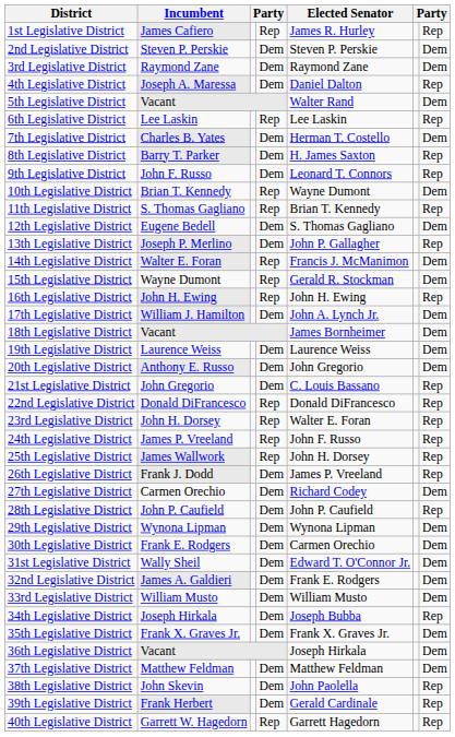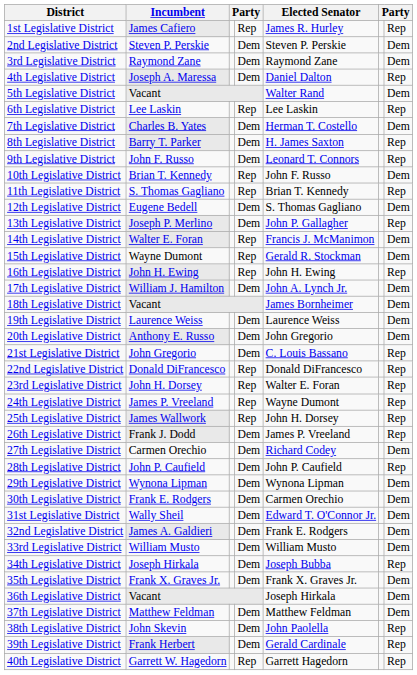 <table class="sortable wikitable" style="font-size:95%;line-height:14px;">
 <tr>
 <th>District</th>
 <th class="unsortable"><a href='#'>Incumbent</a></th>
 <th colspan="2">Party</th>
 <th class="unsortable">Elected Senator</th>
 <th colspan="2">Party</th>
 </tr>
 <tr>
 <td><a href='#'>1st Legislative District</a></td>
 <td style="background:#E9E9E9;"><a href='#'>James Cafiero</a></td>
 <td style="background:"></td>
 <td>Rep</td>
 <td><a href='#'>James R. Hurley</a></td>
 <td style="background:"></td>
 <td>Rep</td>
 </tr>
 <tr>
 <td><a href='#'>2nd Legislative District</a></td>
 <td><a href='#'>Steven P. Perskie</a></td>
 <td style="background:"></td>
 <td>Dem</td>
 <td>Steven P. Perskie</td>
 <td style="background:"></td>
 <td>Dem</td>
 </tr>
 <tr>
 <td><a href='#'>3rd Legislative District</a></td>
 <td><a href='#'>Raymond Zane</a></td>
 <td style="background:"></td>
 <td>Dem</td>
 <td>Raymond Zane</td>
 <td style="background:"></td>
 <td>Dem</td>
 </tr>
 <tr>
 <td><a href='#'>4th Legislative District</a></td>
 <td style="background:#E9E9E9;"><a href='#'>Joseph A. Maressa</a></td>
 <td style="background:"></td>
 <td>Dem</td>
 <td><a href='#'>Daniel Dalton</a></td>
 <td style="background:"></td>
 <td>Rep</td>
 </tr>
 <tr>
 <td><a href='#'>5th Legislative District</a></td>
 <td colspan="3" style="background:#E9E9E9;">Vacant</td>
 <td><a href='#'>Walter Rand</a></td>
 <td style="background:"></td>
 <td>Dem</td>
 </tr>
 <tr>
 <td><a href='#'>6th Legislative District</a></td>
 <td><a href='#'>Lee Laskin</a></td>
 <td style="background:"></td>
 <td>Rep</td>
 <td>Lee Laskin</td>
 <td style="background:"></td>
 <td>Rep</td>
 </tr>
 <tr>
 <td><a href='#'>7th Legislative District</a></td>
 <td style="background:#E9E9E9;"><a href='#'>Charles B. Yates</a></td>
 <td style="background:"></td>
 <td>Dem</td>
 <td><a href='#'>Herman T. Costello</a></td>
 <td style="background:"></td>
 <td>Dem</td>
 </tr>
 <tr>
 <td><a href='#'>8th Legislative District</a></td>
 <td style="background:#E9E9E9;"><a href='#'>Barry T. Parker</a></td>
 <td style="background:"></td>
 <td>Dem</td>
 <td><a href='#'>H. James Saxton</a></td>
 <td style="background:"></td>
 <td>Rep</td>
 </tr>
 <tr>
 <td><a href='#'>9th Legislative District</a></td>
 <td><a href='#'>John F. Russo</a></td>
 <td style="background:"></td>
 <td>Dem</td>
 <td><a href='#'>Leonard T. Connors</a></td>
 <td style="background:"></td>
 <td>Rep</td>
 </tr>
 <tr>
 <td><a href='#'>10th Legislative District</a></td>
 <td><a href='#'>Brian T. Kennedy</a></td>
 <td style="background:"></td>
 <td>Rep</td>
-<td>Wayne Dumont</td>
+<td>John F. Russo</td>
 <td style="background:"></td>
 <td>Dem</td>
 </tr>
 <tr>
 <td><a href='#'>11th Legislative District</a></td>
 <td><a href='#'>S. Thomas Gagliano</a></td>
 <td style="background:"></td>
 <td>Rep</td>
 <td>Brian T. Kennedy</td>
 <td style="background:"></td>
 <td>Rep</td>
 </tr>
 <tr>
 <td><a href='#'>12th Legislative District</a></td>
 <td><a href='#'>Eugene Bedell</a></td>
 <td style="background:"></td>
 <td>Dem</td>
 <td>S. Thomas Gagliano</td>
 <td style="background:"></td>
 <td>Dem</td>
 </tr>
 <tr>
 <td><a href='#'>13th Legislative District</a></td>
 <td style="background:#E9E9E9;"><a href='#'>Joseph P. Merlino</a></td>
 <td style="background:"></td>
 <td>Dem</td>
 <td><a href='#'>John P. Gallagher</a></td>
 <td style="background:"></td>
 <td>Rep</td>
 </tr>
 <tr>
 <td><a href='#'>14th Legislative District</a></td>
 <td style="background:#E9E9E9;"><a href='#'>Walter E. Foran</a></td>
 <td style="background:"></td>
 <td>Rep</td>
 <td><a href='#'>Francis J. McManimon</a></td>
 <td style="background:"></td>
 <td>Dem</td>
 </tr>
 <tr>
 <td><a href='#'>15th Legislative District</a></td>
 <td>Wayne Dumont</td>
 <td style="background:"></td>
 <td>Rep</td>
 <td><a href='#'>Gerald R. Stockman</a></td>
 <td style="background:"></td>
 <td>Dem</td>
 </tr>
 <tr>
 <td><a href='#'>16th Legislative District</a></td>
 <td style="background:#E9E9E9;"><a href='#'>John H. Ewing</a></td>
 <td style="background:"></td>
 <td>Rep</td>
 <td>John H. Ewing</td>
 <td style="background:"></td>
 <td>Rep</td>
 </tr>
 <tr>
 <td><a href='#'>17th Legislative District</a></td>
 <td style="background:#E9E9E9;"><a href='#'>William J. Hamilton</a></td>
 <td style="background:"></td>
 <td>Dem</td>
 <td><a href='#'>John A. Lynch Jr.</a></td>
 <td style="background:"></td>
 <td>Dem</td>
 </tr>
 <tr>
 <td><a href='#'>18th Legislative District</a></td>
 <td colspan="3" style="background:#E9E9E9;">Vacant</td>
 <td><a href='#'>James Bornheimer</a></td>
 <td style="background:"></td>
 <td>Dem</td>
 </tr>
 <tr>
 <td><a href='#'>19th Legislative District</a></td>
 <td><a href='#'>Laurence Weiss</a></td>
 <td style="background:"></td>
 <td>Dem</td>
 <td>Laurence Weiss</td>
 <td style="background:"></td>
 <td>Dem</td>
 </tr>
 <tr>
 <td><a href='#'>20th Legislative District</a></td>
 <td style="background:#E9E9E9;"><a href='#'>Anthony E. Russo</a></td>
 <td style="background:"></td>
 <td>Dem</td>
 <td>John Gregorio</td>
 <td style="background:"></td>
 <td>Dem</td>
 </tr>
 <tr>
 <td><a href='#'>21st Legislative District</a></td>
 <td><a href='#'>John Gregorio</a></td>
 <td style="background:"></td>
 <td>Dem</td>
 <td><a href='#'>C. Louis Bassano</a></td>
 <td style="background:"></td>
 <td>Rep</td>
 </tr>
 <tr>
 <td><a href='#'>22nd Legislative District</a></td>
 <td><a href='#'>Donald DiFrancesco</a></td>
 <td style="background:"></td>
 <td>Rep</td>
 <td>Donald DiFrancesco</td>
 <td style="background:"></td>
 <td>Rep</td>
 </tr>
 <tr>
 <td><a href='#'>23rd Legislative District</a></td>
 <td><a href='#'>John H. Dorsey</a></td>
 <td style="background:"></td>
 <td>Rep</td>
 <td>Walter E. Foran</td>
 <td style="background:"></td>
 <td>Rep</td>
 </tr>
 <tr>
 <td><a href='#'>24th Legislative District</a></td>
 <td><a href='#'>James P. Vreeland</a></td>
 <td style="background:"></td>
 <td>Rep</td>
-<td>John F. Russo</td>
+<td>Wayne Dumont</td>
 <td style="background:"></td>
 <td>Rep</td>
 </tr>
 <tr>
 <td><a href='#'>25th Legislative District</a></td>
 <td style="background:#E9E9E9;"><a href='#'>James Wallwork</a></td>
 <td style="background:"></td>
 <td>Rep</td>
 <td>John H. Dorsey</td>
 <td style="background:"></td>
 <td>Rep</td>
 </tr>
 <tr>
 <td><a href='#'>26th Legislative District</a></td>
 <td style="background:#E9E9E9;">Frank J. Dodd</td>
 <td style="background:"></td>
 <td>Dem</td>
 <td>James P. Vreeland</td>
 <td style="background:"></td>
 <td>Rep</td>
 </tr>
 <tr>
 <td><a href='#'>27th Legislative District</a></td>
 <td>Carmen Orechio</td>
 <td style="background:"></td>
 <td>Dem</td>
 <td><a href='#'>Richard Codey</a></td>
 <td style="background:"></td>
 <td>Dem</td>
 </tr>
 <tr>
 <td><a href='#'>28th Legislative District</a></td>
 <td><a href='#'>John P. Caufield</a></td>
 <td style="background:"></td>
 <td>Dem</td>
 <td>John P. Caufield</td>
 <td style="background:"></td>
 <td>Rep</td>
 </tr>
 <tr>
 <td><a href='#'>29th Legislative District</a></td>
 <td><a href='#'>Wynona Lipman</a></td>
 <td style="background:"></td>
 <td>Dem</td>
 <td>Wynona Lipman</td>
 <td style="background:"></td>
 <td>Dem</td>
 </tr>
 <tr>
 <td><a href='#'>30th Legislative District</a></td>
 <td><a href='#'>Frank E. Rodgers</a></td>
 <td style="background:"></td>
 <td>Dem</td>
 <td>Carmen Orechio</td>
 <td style="background:"></td>
 <td>Dem</td>
 </tr>
 <tr>
 <td><a href='#'>31st Legislative District</a></td>
 <td><a href='#'>Wally Sheil</a></td>
 <td style="background:"></td>
 <td>Dem</td>
 <td><a href='#'>Edward T. O'Connor Jr.</a></td>
 <td style="background:"></td>
 <td>Dem</td>
 </tr>
 <tr>
 <td><a href='#'>32nd Legislative District</a></td>
 <td style="background:#E9E9E9;"><a href='#'>James A. Galdieri</a></td>
 <td style="background:"></td>
 <td>Dem</td>
 <td>Frank E. Rodgers</td>
 <td style="background:"></td>
 <td>Dem</td>
 </tr>
 <tr>
 <td><a href='#'>33rd Legislative District</a></td>
 <td><a href='#'>William Musto</a></td>
 <td style="background:"></td>
 <td>Dem</td>
 <td>William Musto</td>
 <td style="background:"></td>
 <td>Dem</td>
 </tr>
 <tr>
 <td><a href='#'>34th Legislative District</a></td>
 <td><a href='#'>Joseph Hirkala</a></td>
 <td style="background:"></td>
 <td>Dem</td>
 <td><a href='#'>Joseph Bubba</a></td>
 <td style="background:"></td>
 <td>Rep</td>
 </tr>
 <tr>
 <td><a href='#'>35th Legislative District</a></td>
 <td><a href='#'>Frank X. Graves Jr.</a></td>
 <td style="background:"></td>
 <td>Dem</td>
 <td>Frank X. Graves Jr.</td>
 <td style="background:"></td>
 <td>Dem</td>
 </tr>
 <tr>
 <td><a href='#'>36th Legislative District</a></td>
 <td colspan="3" style="background:#E9E9E9;">Vacant</td>
 <td>Joseph Hirkala</td>
 <td style="background:"></td>
 <td>Dem</td>
 </tr>
 <tr>
 <td><a href='#'>37th Legislative District</a></td>
 <td><a href='#'>Matthew Feldman</a></td>
 <td style="background:"></td>
 <td>Dem</td>
 <td>Matthew Feldman</td>
 <td style="background:"></td>
 <td>Dem</td>
 </tr>
 <tr>
 <td><a href='#'>38th Legislative District</a></td>
 <td><a href='#'>John Skevin</a></td>
 <td style="background:"></td>
 <td>Dem</td>
 <td><a href='#'>John Paolella</a></td>
 <td style="background:"></td>
 <td>Rep</td>
 </tr>
 <tr>
 <td><a href='#'>39th Legislative District</a></td>
 <td style="background:#E9E9E9;"><a href='#'>Frank Herbert</a></td>
 <td style="background:"></td>
 <td>Dem</td>
 <td><a href='#'>Gerald Cardinale</a></td>
 <td style="background:"></td>
 <td>Rep</td>
 </tr>
 <tr>
 <td><a href='#'>40th Legislative District</a></td>
 <td><a href='#'>Garrett W. Hagedorn</a></td>
 <td style="background:"></td>
 <td>Rep</td>
 <td>Garrett Hagedorn</td>
 <td style="background:"></td>
 <td>Rep</td>
 </tr>
 </table>
